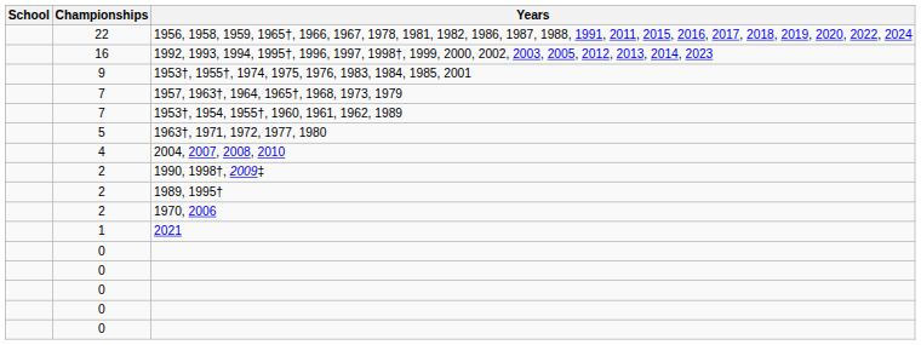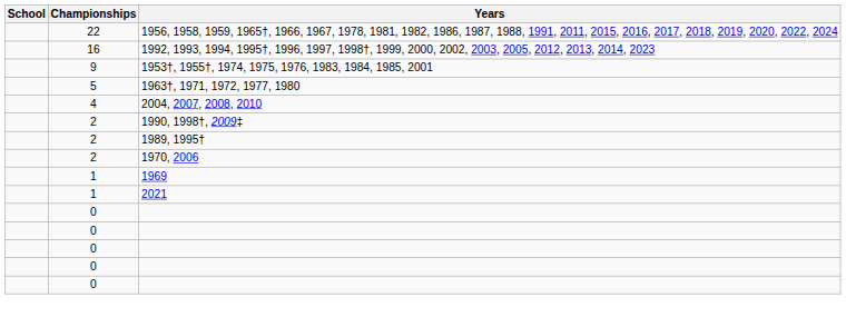 <table class="wikitable sortable">
 <tr>
 <th>School</th>
 <th>Championships</th>
 <th>Years</th>
 </tr>
 <tr>
 <td style=><a href='#'></a></td>
 <td style="text-align:center">22</td>
 <td style="text-align:left">1956, 1958, 1959, 1965†, 1966, 1967, 1978, 1981, 1982, 1986, 1987, 1988, <a href='#'>1991</a>, <a href='#'>2011</a>, <a href='#'>2015</a>, <a href='#'>2016</a>, <a href='#'>2017</a>, <a href='#'>2018</a>, <a href='#'>2019</a>, <a href='#'>2020</a>, <a href='#'>2022</a>, <a href='#'>2024</a></td>
 </tr>
 <tr>
 <td style=><a href='#'></a></td>
 <td style="text-align:center">16</td>
 <td style="text-align:left">1992, 1993, 1994, 1995†, 1996, 1997, 1998†, 1999, 2000, 2002, <a href='#'>2003</a>, <a href='#'>2005</a>, <a href='#'>2012</a>, <a href='#'>2013</a>, <a href='#'>2014</a>, <a href='#'>2023</a></td>
 </tr>
 <tr>
 <td style=><a href='#'></a></td>
 <td style="text-align:center">9</td>
 <td style="text-align:left">1953†, 1955†, 1974, 1975, 1976, 1983, 1984, 1985, 2001</td>
-</tr>
-<tr>
-<td style=><a href='#'></a></td>
-<td style="text-align:center">7</td>
-<td style="text-align:left">1957, 1963†, 1964, 1965†, 1968, 1973, 1979</td>
-</tr>
-<tr>
-<td style=><a href='#'></a></td>
-<td style="text-align:center">7</td>
-<td style="text-align:left">1953†, 1954, 1955†, 1960, 1961, 1962, 1989</td>
 </tr>
 <tr>
 <td style=><a href='#'></a></td>
 <td style="text-align:center">5</td>
 <td style="text-align:left">1963†, 1971, 1972, 1977, 1980</td>
 </tr>
 <tr>
 <td style=><a href='#'></a></td>
 <td style="text-align:center">4</td>
 <td style="text-align:left">2004, <a href='#'>2007</a>, <a href='#'>2008</a>, <a href='#'>2010</a></td>
 </tr>
 <tr>
 <td style=><a href='#'></a></td>
 <td style="text-align:center">2</td>
 <td style="text-align:left">1990, 1998†, <em><a href='#'>2009</a></em>‡</td>
 </tr>
 <tr>
 <td style=><a href='#'></a></td>
 <td style="text-align:center">2</td>
 <td style="text-align:left">1989, 1995†</td>
 </tr>
 <tr>
 <td style=><a href='#'></a></td>
 <td style="text-align:center">2</td>
 <td style="text-align:left">1970, <a href='#'>2006</a></td>
+</tr>
+<tr>
+<td style=><a href='#'></a></td>
+<td style="text-align:center">1</td>
+<td style="text-align:left"><a href='#'>1969</a></td>
 </tr>
 <tr>
 <td style=><a href='#'></a></td>
 <td style="text-align:center">1</td>
 <td style="text-align:left”"><a href='#'>2021</a></td>
 </tr>
 <tr>
 <td style=><a href='#'></a></td>
 <td style="text-align:center">0</td>
 <td></td>
 </tr>
 <tr>
 <td style=><a href='#'></a></td>
 <td style="text-align:center">0</td>
 <td></td>
 </tr>
 <tr>
 <td style=><a href='#'></a></td>
 <td style="text-align:center">0</td>
 <td></td>
 </tr>
 <tr>
 <td style=><a href='#'></a></td>
 <td style="text-align:center">0</td>
 <td></td>
 </tr>
 <tr>
 <td style=><a href='#'></a></td>
 <td style="text-align:center">0</td>
 <td></td>
 </tr>
 </table>
